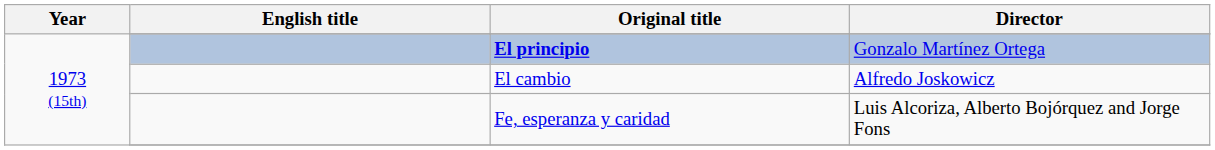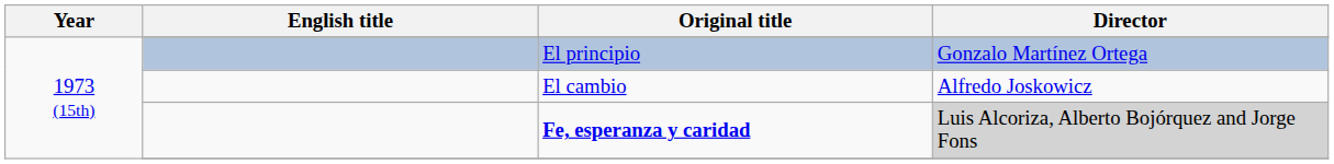 <table class="wikitable">
 <tr>
 <th width="100"><strong>Year</strong></th>
 <th width="300"><strong>English title</strong></th>
 <th width="300"><strong>Original title</strong></th>
 <th width="300"><strong>Director</strong></th>
 </tr>
 <tr>
 <td rowspan="6" style="text-align:center;"><a href='#'>1973</a><br><small><a href='#'>(15th)</a></small></td>
 </tr>
 <tr style="background:#B0C4DE;">
 <td></td>
-<td><strong><a href='#'>El principio</a></strong></td>
+<td><a href='#'>El principio</a></td>
 <td><a href='#'>Gonzalo Martínez Ortega</a></td>
 </tr>
 <tr>
 <td></td>
 <td><a href='#'>El cambio</a></td>
 <td><a href='#'>Alfredo Joskowicz</a></td>
 </tr>
 <tr>
 <td></td>
-<td><a href='#'>Fe, esperanza y caridad</a></td>
-<td>Luis Alcoriza, Alberto Bojórquez and Jorge Fons</td>
+<td><strong><a href='#'>Fe, esperanza y caridad</a></strong></td>
+<td style="background: lightgrey;">Luis Alcoriza, Alberto Bojórquez and Jorge Fons</td>
 </tr>
 <tr>
 </tr>
 </table>
